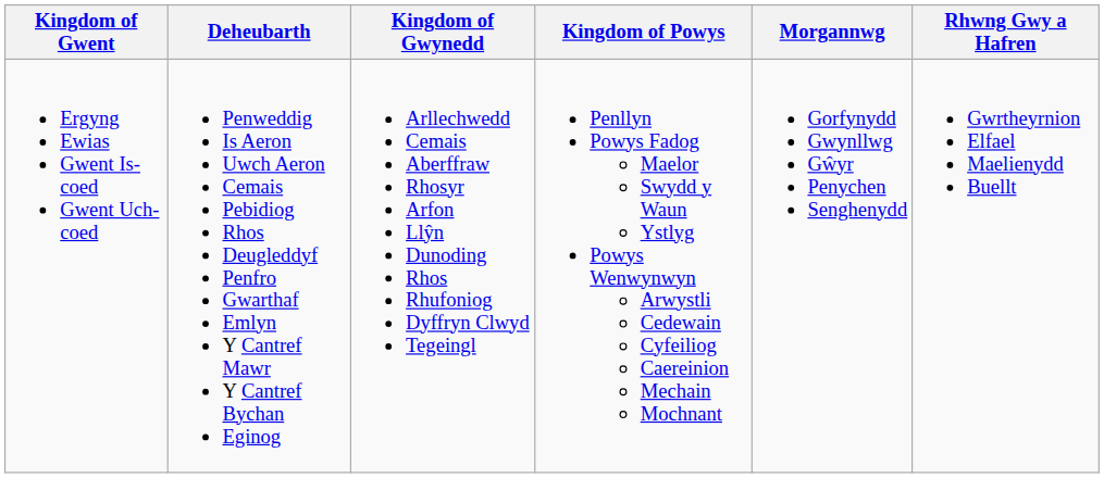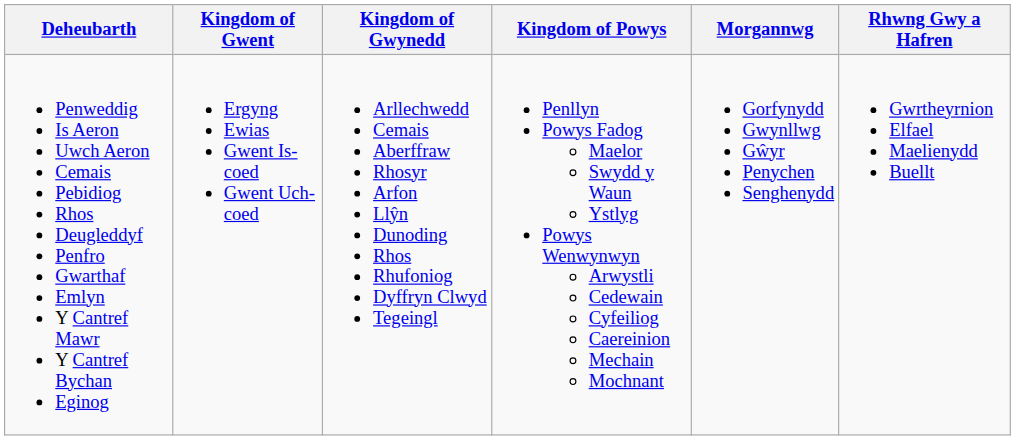 <table class="wikitable">
 <tr>
+<th><a href='#'>Deheubarth</a></th>
 <th><a href='#'>Kingdom of Gwent</a></th>
-<th><a href='#'>Deheubarth</a></th>
 <th><a href='#'>Kingdom of Gwynedd</a></th>
 <th><a href='#'>Kingdom of Powys</a></th>
 <th><a href='#'>Morgannwg</a></th>
 <th><a href='#'>Rhwng Gwy a Hafren</a></th>
 </tr>
 <tr>
+<td><br><ul><li><a href='#'>Penweddig</a></li><li><a href='#'>Is Aeron</a></li><li><a href='#'>Uwch Aeron</a></li><li><a href='#'>Cemais</a></li><li><a href='#'>Pebidiog</a></li><li><a href='#'>Rhos</a></li><li><a href='#'>Deugleddyf</a></li><li><a href='#'>Penfro</a></li><li><a href='#'>Gwarthaf</a></li><li><a href='#'>Emlyn</a></li><li>Y <a href='#'>Cantref Mawr</a></li><li>Y <a href='#'>Cantref Bychan</a></li><li><a href='#'>Eginog</a></li></ul></td>
 <td valign="top"><br><ul><li><a href='#'>Ergyng</a></li><li><a href='#'>Ewias</a></li><li><a href='#'>Gwent Is-coed</a></li><li><a href='#'>Gwent Uch-coed</a></li></ul></td>
-<td><br><ul><li><a href='#'>Penweddig</a></li><li><a href='#'>Is Aeron</a></li><li><a href='#'>Uwch Aeron</a></li><li><a href='#'>Cemais</a></li><li><a href='#'>Pebidiog</a></li><li><a href='#'>Rhos</a></li><li><a href='#'>Deugleddyf</a></li><li><a href='#'>Penfro</a></li><li><a href='#'>Gwarthaf</a></li><li><a href='#'>Emlyn</a></li><li>Y <a href='#'>Cantref Mawr</a></li><li>Y <a href='#'>Cantref Bychan</a></li><li><a href='#'>Eginog</a></li></ul></td>
 <td valign="top"><br><ul><li><a href='#'>Arllechwedd</a></li><li><a href='#'>Cemais</a></li><li><a href='#'>Aberffraw</a></li><li><a href='#'>Rhosyr</a></li><li><a href='#'>Arfon</a></li><li><a href='#'>Llŷn</a></li><li><a href='#'>Dunoding</a></li><li><a href='#'>Rhos</a></li><li><a href='#'>Rhufoniog</a></li><li><a href='#'>Dyffryn Clwyd</a></li><li><a href='#'>Tegeingl</a></li></ul></td>
 <td valign="top"><br><ul><li><a href='#'>Penllyn</a></li><li><a href='#'>Powys Fadog</a><ul><li><a href='#'>Maelor</a></li><li><a href='#'>Swydd y Waun</a></li><li><a href='#'>Ystlyg</a></li></ul></li><li><a href='#'>Powys Wenwynwyn</a><ul><li><a href='#'>Arwystli</a></li><li><a href='#'>Cedewain</a></li><li><a href='#'>Cyfeiliog</a></li><li><a href='#'>Caereinion</a></li><li><a href='#'>Mechain</a></li><li><a href='#'>Mochnant</a></li></ul></li></ul></td>
 <td valign="top"><br><ul><li><a href='#'>Gorfynydd</a></li><li><a href='#'>Gwynllwg</a></li><li><a href='#'>Gŵyr</a></li><li><a href='#'>Penychen</a></li><li><a href='#'>Senghenydd</a></li></ul></td>
 <td valign="top"><br><ul><li><a href='#'>Gwrtheyrnion</a></li><li><a href='#'>Elfael</a></li><li><a href='#'>Maelienydd</a></li><li><a href='#'>Buellt</a></li></ul></td>
 </tr>
 </table>
